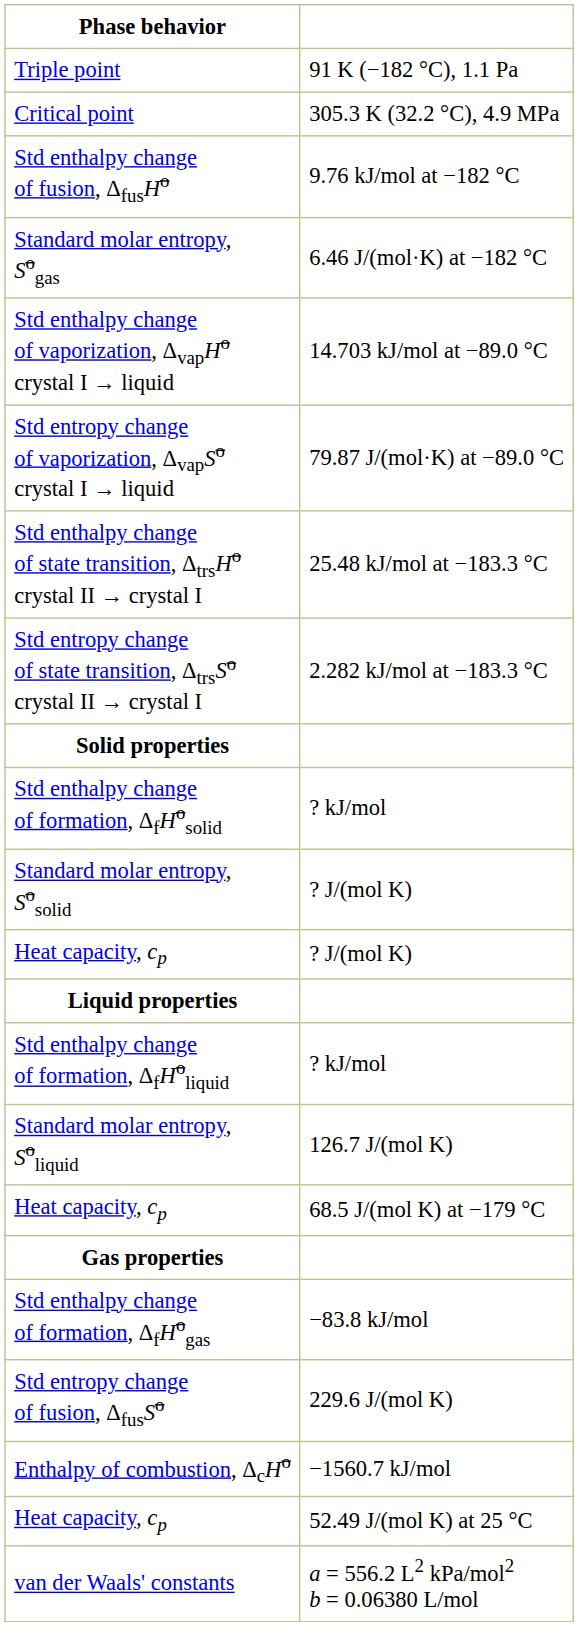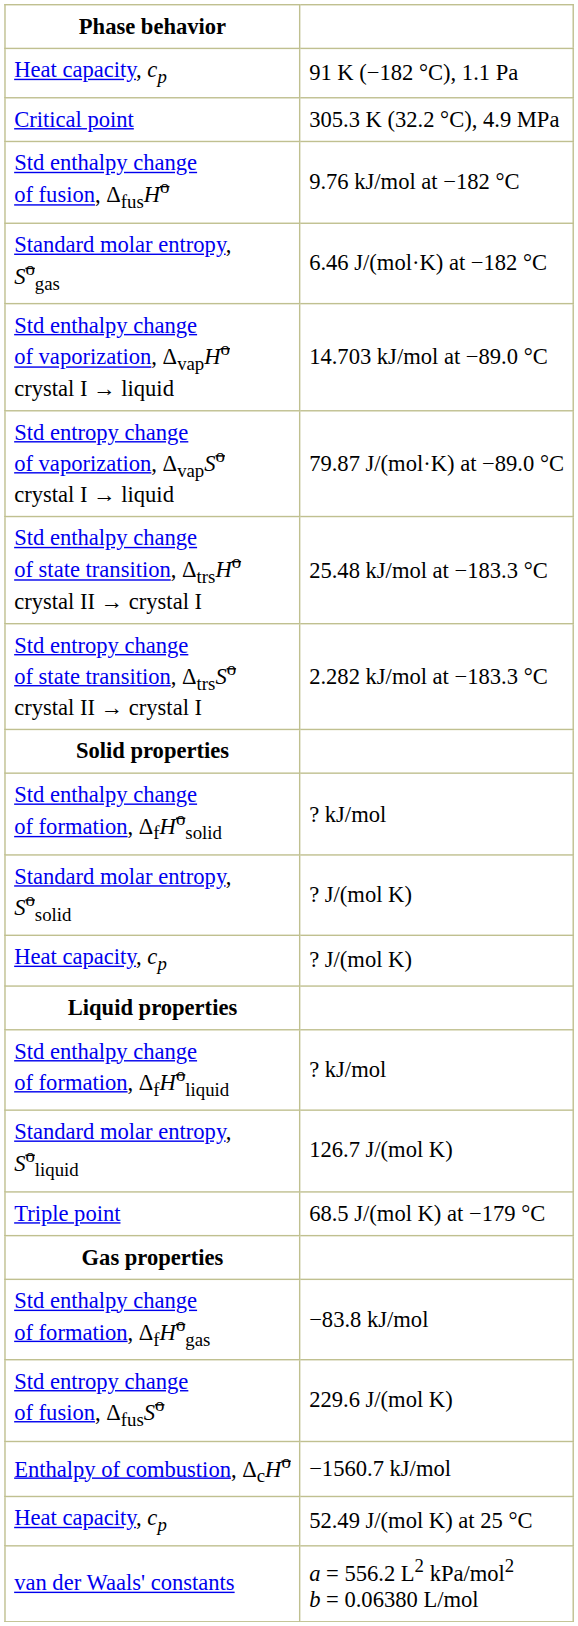 <table border="1" cellspacing="0" cellpadding="6" style="margin: 0 0 0 0.5em; background: #FFFFFF; border-collapse: collapse; border-color: #C0C090;">
 <tr>
 <th>Phase behavior</th>
 </tr>
 <tr>
-<td><a href='#'>Triple point</a></td>
+<td><a href='#'>Heat capacity</a>, <em>c<sub>p</sub></em></td>
 <td>91 K (−182 °C), 1.1 Pa</td>
 </tr>
 <tr>
 <td><a href='#'>Critical point</a></td>
 <td>305.3 K (32.2 °C), 4.9 MPa</td>
 </tr>
 <tr>
 <td><a href='#'>Std enthalpy change<br>of fusion</a>, Δ<sub>fus</sub><em>H</em><sup><s>o</s></sup></td>
 <td>9.76 kJ/mol at −182 °C</td>
 </tr>
 <tr>
 <td><a href='#'>Standard molar entropy</a>,<br><em>S</em><sup><s>o</s></sup><sub>gas</sub></td>
 <td>6.46 J/(mol·K) at −182 °C</td>
 </tr>
 <tr>
 <td><a href='#'>Std enthalpy change<br>of vaporization</a>, Δ<sub>vap</sub><em>H</em><sup><s>o</s></sup><br>crystal I → liquid</td>
 <td>14.703 kJ/mol at −89.0 °C</td>
 </tr>
 <tr>
 <td><a href='#'>Std entropy change<br>of vaporization</a>, Δ<sub>vap</sub><em>S</em><sup><s>o</s></sup><br>crystal I → liquid</td>
 <td>79.87 J/(mol·K) at −89.0 °C</td>
 </tr>
 <tr>
 <td><a href='#'>Std enthalpy change<br>of state transition</a>, Δ<sub>trs</sub><em>H</em><sup><s>o</s></sup><br>crystal II → crystal I</td>
 <td>25.48	kJ/mol at −183.3 °C</td>
 </tr>
 <tr>
 <td><a href='#'>Std entropy change<br>of state transition</a>, Δ<sub>trs</sub><em>S</em><sup><s>o</s></sup><br>crystal II → crystal I</td>
 <td>2.282	kJ/mol at −183.3 °C</td>
 </tr>
 <tr>
 <th>Solid properties</th>
 </tr>
 <tr>
 <td><a href='#'>Std enthalpy change<br>of formation</a>, Δ<sub>f</sub><em>H</em><sup><s>o</s></sup><sub>solid</sub></td>
 <td>? kJ/mol</td>
 </tr>
 <tr>
 <td><a href='#'>Standard molar entropy</a>,<br><em>S</em><sup><s>o</s></sup><sub>solid</sub></td>
 <td>? J/(mol K)</td>
 </tr>
 <tr>
 <td><a href='#'>Heat capacity</a>, <em>c<sub>p</sub></em></td>
 <td>? J/(mol K)</td>
 </tr>
 <tr>
 <th>Liquid properties</th>
 </tr>
 <tr>
 <td><a href='#'>Std enthalpy change<br>of formation</a>, Δ<sub>f</sub><em>H</em><sup><s>o</s></sup><sub>liquid</sub></td>
 <td>? kJ/mol</td>
 </tr>
 <tr>
 <td><a href='#'>Standard molar entropy</a>,<br><em>S</em><sup><s>o</s></sup><sub>liquid</sub></td>
 <td>126.7 J/(mol K)</td>
 </tr>
 <tr>
-<td><a href='#'>Heat capacity</a>, <em>c<sub>p</sub></em></td>
+<td><a href='#'>Triple point</a></td>
 <td>68.5 J/(mol K) at −179 °C</td>
 </tr>
 <tr>
 <th>Gas properties</th>
 </tr>
 <tr>
 <td><a href='#'>Std enthalpy change<br>of formation</a>, Δ<sub>f</sub><em>H</em><sup><s>o</s></sup><sub>gas</sub></td>
 <td>−83.8 kJ/mol</td>
 </tr>
 <tr>
 <td><a href='#'>Std entropy change<br>of fusion</a>, Δ<sub>fus</sub><em>S</em><sup><s>o</s></sup></td>
 <td>229.6 J/(mol K)</td>
 </tr>
 <tr>
 <td><a href='#'>Enthalpy of combustion</a>, Δ<sub>c</sub><em>H</em><sup><s>o</s></sup></td>
 <td>−1560.7 kJ/mol</td>
 </tr>
 <tr>
 <td><a href='#'>Heat capacity</a>, <em>c<sub>p</sub></em></td>
 <td>52.49 J/(mol K) at 25 °C</td>
 </tr>
 <tr>
 <td><a href='#'>van der Waals' constants</a></td>
 <td><em>a</em> = 556.2 L<sup>2</sup> kPa/mol<sup>2</sup><br> <em>b</em> = 0.06380 L/mol</td>
 </tr>
 <tr>
 </tr>
 </table>
